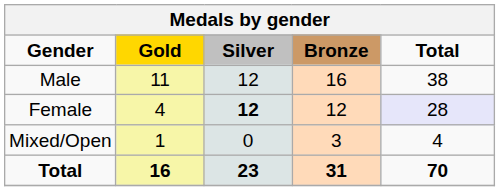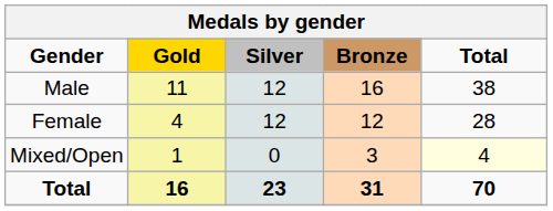 <table class="wikitable" style="font-size:90%; text-align:center;">
 <tr style="background:#efefef;">
 <th colspan=5>Medals by gender</th>
 </tr>
 <tr>
 <td><strong>Gender</strong></td>
 <td width=60 style="background:gold;"><strong>Gold </strong></td>
 <td width=60 style="background:silver;"><strong>Silver </strong></td>
 <td width=60 style="background:#c96;"><strong>Bronze </strong></td>
 <td width=80><strong>Total</strong></td>
 </tr>
 <tr>
 <td>Male</td>
 <td style="background:#F7F6A8">11</td>
 <td style="background:#DCE5E5">12</td>
 <td style="background:#FFDAB9">16</td>
 <td>38</td>
 </tr>
 <tr>
 <td>Female</td>
 <td style="background:#F7F6A8">4</td>
-<td style="background:#DCE5E5"><strong>12</strong></td>
+<td style="background:#DCE5E5">12</td>
 <td style="background:#FFDAB9">12</td>
-<td style="background: lavender;">28</td>
+<td>28</td>
 </tr>
 <tr>
 <td>Mixed/Open</td>
 <td style="background:#F7F6A8">1</td>
 <td style="background:#DCE5E5">0</td>
 <td style="background:#FFDAB9">3</td>
-<td>4</td>
+<td style="background: lightyellow;">4</td>
 </tr>
 <tr>
 <td><strong>Total</strong></td>
 <td style="background:#F7F6A8"><strong>16</strong></td>
 <td style="background:#DCE5E5"><strong>23</strong></td>
 <td style="background:#FFDAB9"><strong>31</strong></td>
 <td><strong>70</strong></td>
 </tr>
 <tr>
 </tr>
 </table>
